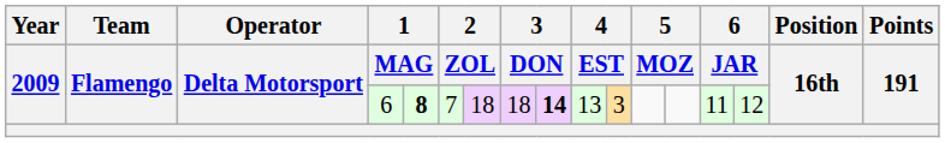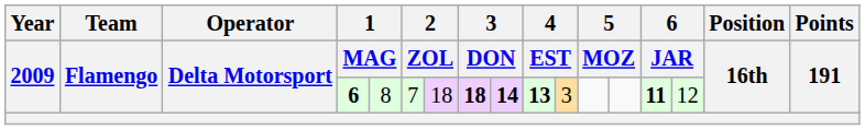 <table class="wikitable" style="text-align:center; font-size:85%">
 <tr>
 <th>Year</th>
 <th>Team</th>
 <th>Operator</th>
 <th colspan=2>1</th>
 <th colspan=2>2</th>
 <th colspan=2>3</th>
 <th colspan=2>4</th>
 <th colspan=2>5</th>
 <th colspan=2>6</th>
 <th>Position</th>
 <th>Points</th>
 </tr>
 <tr>
 <th rowspan=2><a href='#'>2009</a></th>
 <th rowspan=2 nowrap><a href='#'>Flamengo</a></th>
 <th rowspan=2 nowrap><a href='#'>Delta Motorsport</a></th>
 <th colspan=2><a href='#'>MAG</a></th>
 <th colspan=2><a href='#'>ZOL</a></th>
 <th colspan=2><a href='#'>DON</a></th>
 <th colspan=2><a href='#'>EST</a></th>
 <th colspan=2><a href='#'>MOZ</a></th>
 <th colspan=2><a href='#'>JAR</a></th>
 <th rowspan=2>16th</th>
 <th rowspan=2>191</th>
 </tr>
 <tr>
-<td style="background:#dfffdf;">6</td>
-<td style="background:#dfffdf;"><strong>8</strong></td>
+<td style="background:#dfffdf;"><strong>6</strong></td>
+<td style="background:#dfffdf;">8</td>
 <td style="background:#dfffdf;">7</td>
 <td style="background:#efcfff;">18</td>
-<td style="background:#efcfff;">18</td>
+<td style="background:#efcfff;"><strong>18</strong></td>
 <td style="background:#efcfff;"><strong>14</strong></td>
-<td style="background:#dfffdf;">13</td>
+<td style="background:#dfffdf;"><strong>13</strong></td>
 <td style="background:#FFDF9F;">3</td>
 <td></td>
 <td></td>
-<td style="background:#dfffdf;">11</td>
+<td style="background:#dfffdf;"><strong>11</strong></td>
 <td style="background:#dfffdf;">12</td>
 </tr>
 <tr>
 <th colspan="17"></th>
 </tr>
 </table>
